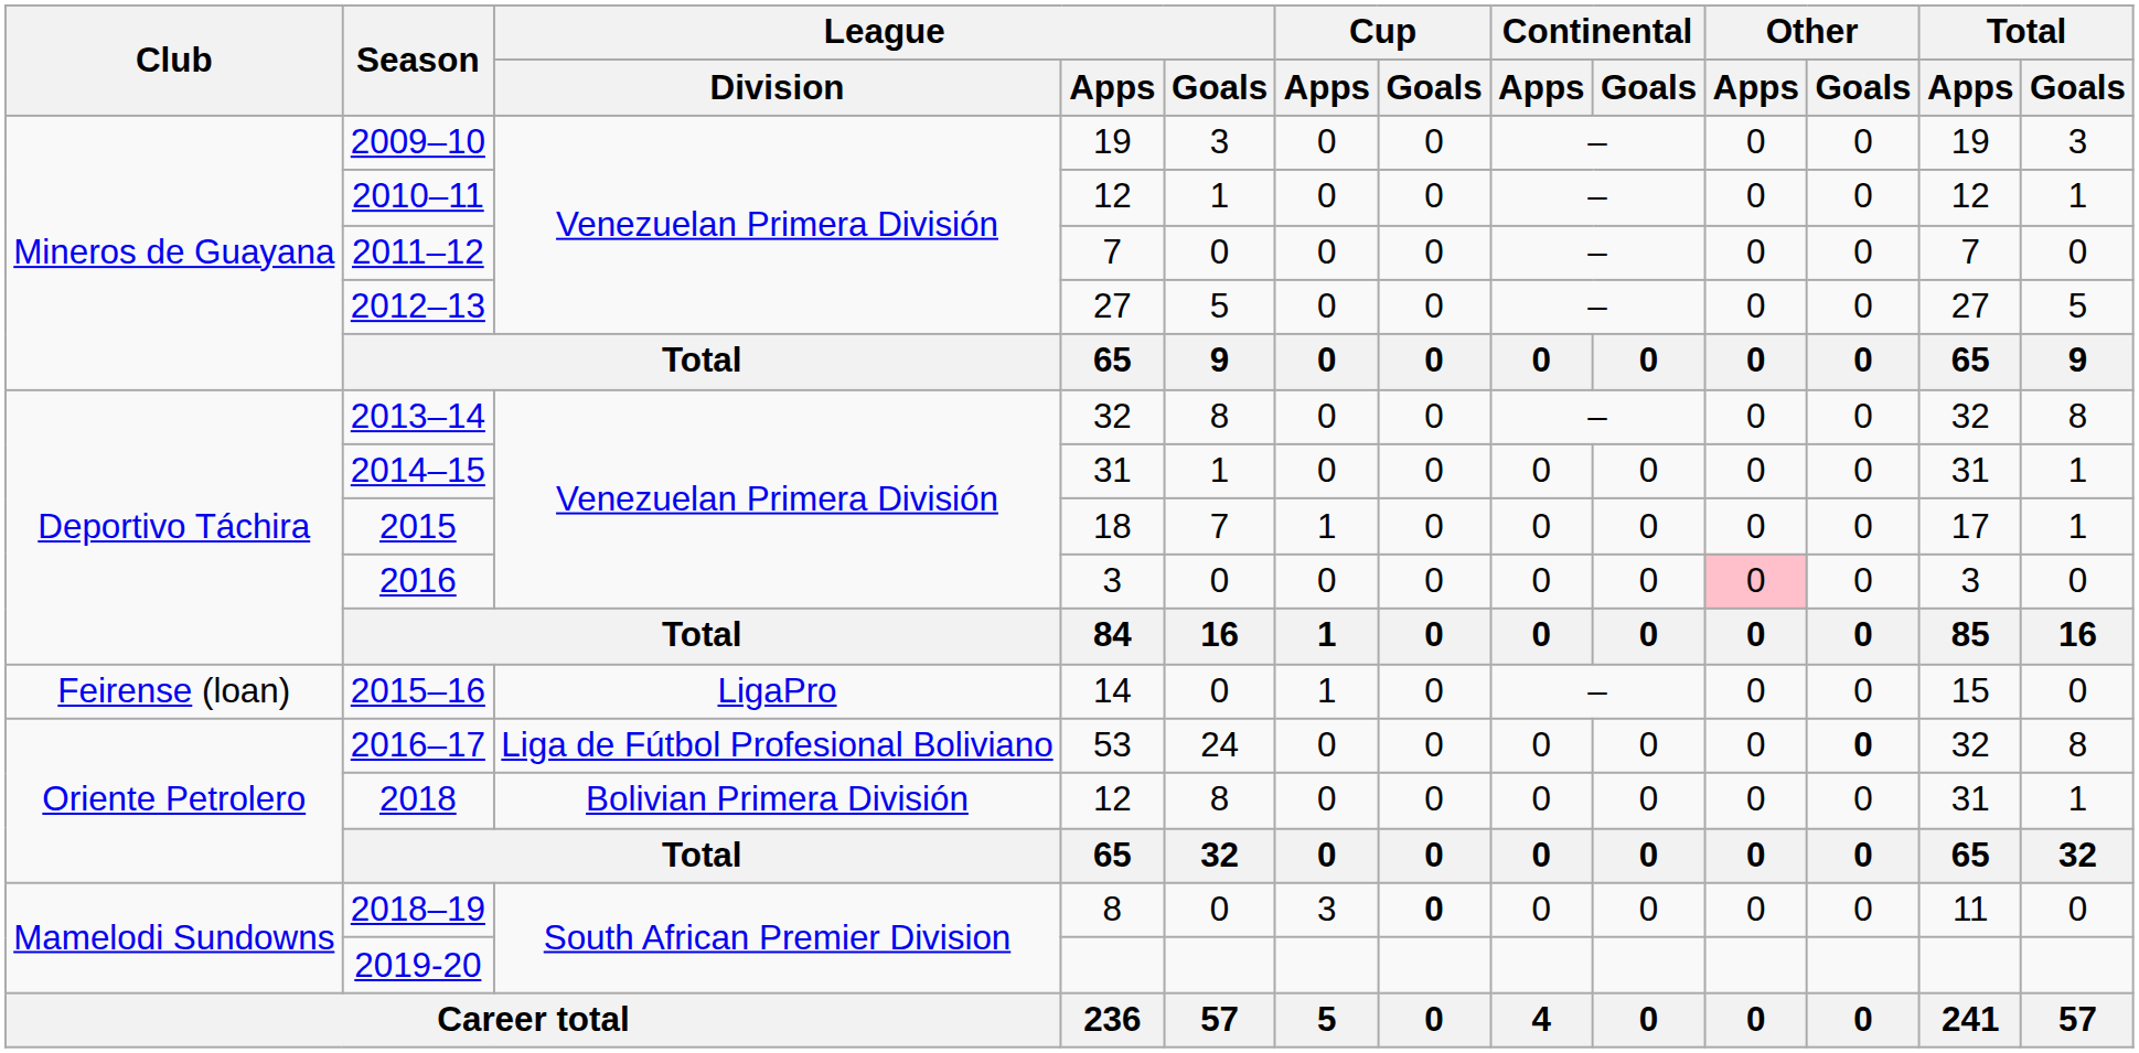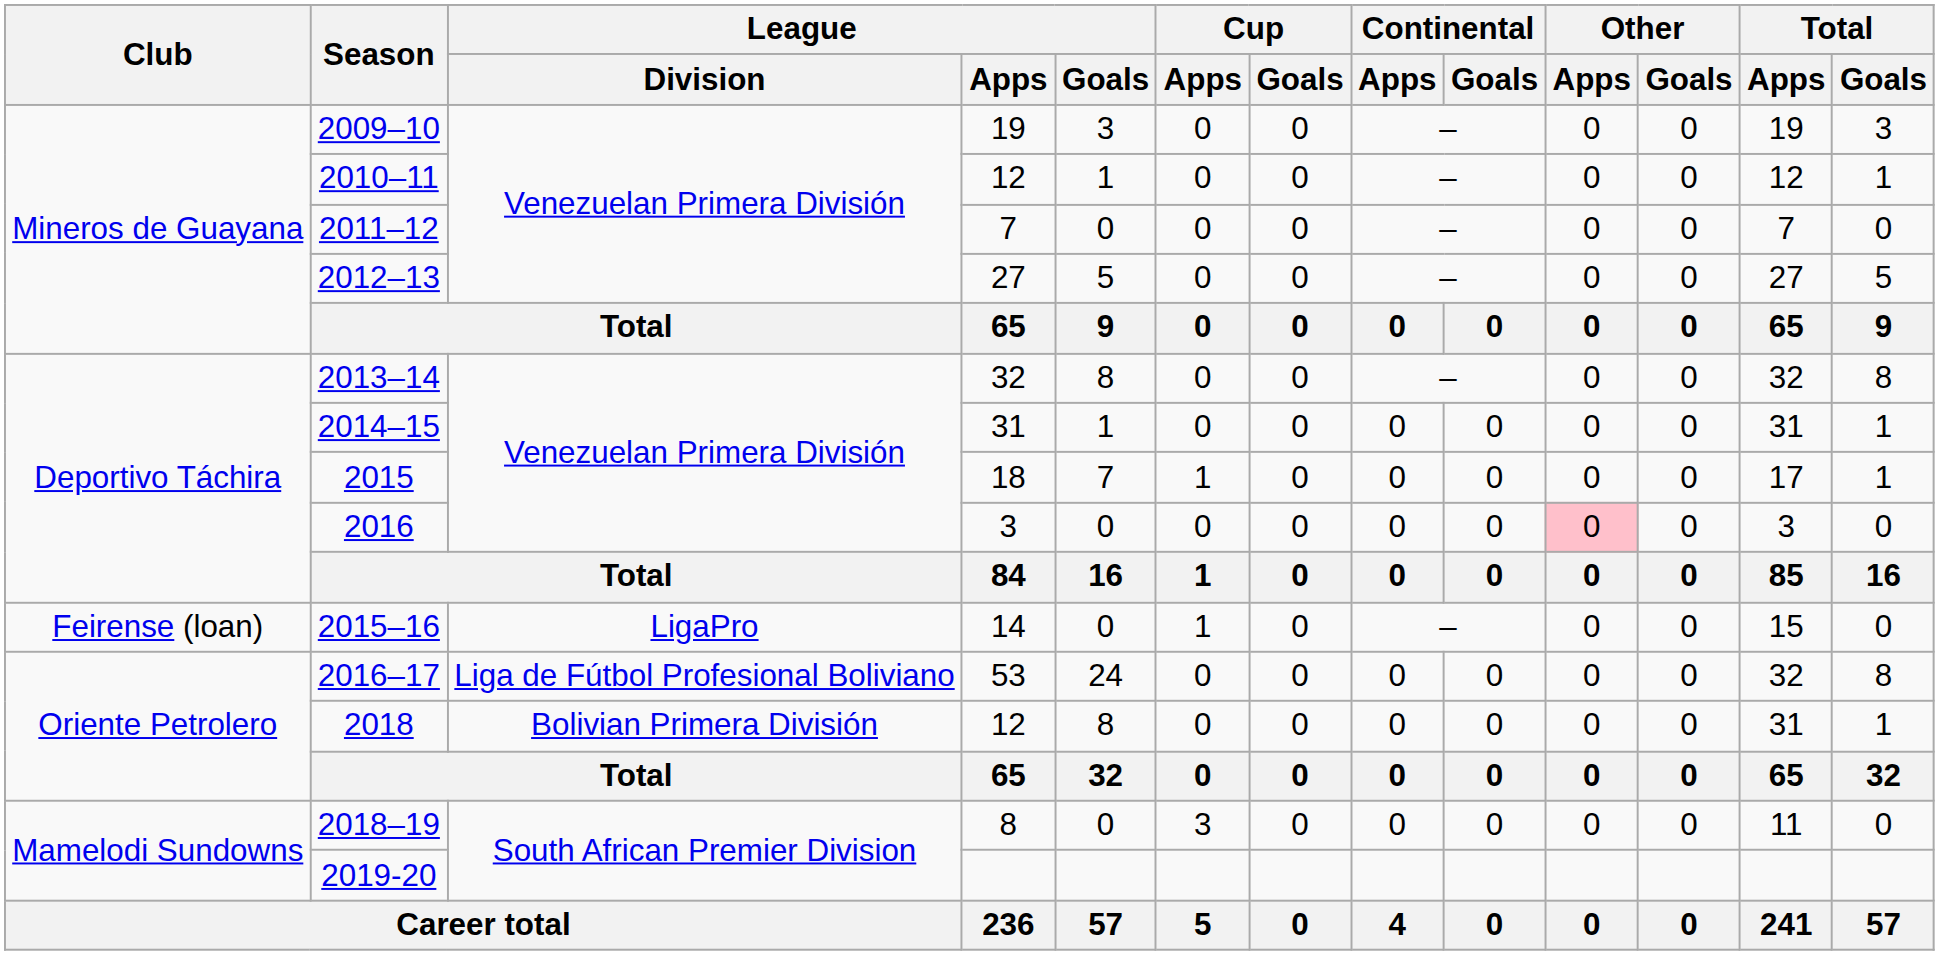 <table class="wikitable" style="text-align: center">
 <tr>
 <th rowspan="2">Club</th>
 <th rowspan="2">Season</th>
 <th colspan="3">League</th>
 <th colspan="2">Cup</th>
 <th colspan="2">Continental</th>
 <th colspan="2">Other</th>
 <th colspan="2">Total</th>
 </tr>
 <tr>
 <th>Division</th>
 <th>Apps</th>
 <th>Goals</th>
 <th>Apps</th>
 <th>Goals</th>
 <th>Apps</th>
 <th>Goals</th>
 <th>Apps</th>
 <th>Goals</th>
 <th>Apps</th>
 <th>Goals</th>
 </tr>
 <tr>
 <td rowspan="5"><a href='#'>Mineros de Guayana</a></td>
 <td><a href='#'>2009–10</a></td>
 <td rowspan="4"><a href='#'>Venezuelan Primera División</a></td>
 <td>19</td>
 <td>3</td>
 <td>0</td>
 <td>0</td>
 <td colspan="2">–</td>
 <td>0</td>
 <td>0</td>
 <td>19</td>
 <td>3</td>
 </tr>
 <tr>
 <td><a href='#'>2010–11</a></td>
 <td>12</td>
 <td>1</td>
 <td>0</td>
 <td>0</td>
 <td colspan="2">–</td>
 <td>0</td>
 <td>0</td>
 <td>12</td>
 <td>1</td>
 </tr>
 <tr>
 <td><a href='#'>2011–12</a></td>
 <td>7</td>
 <td>0</td>
 <td>0</td>
 <td>0</td>
 <td colspan="2">–</td>
 <td>0</td>
 <td>0</td>
 <td>7</td>
 <td>0</td>
 </tr>
 <tr>
 <td><a href='#'>2012–13</a></td>
 <td>27</td>
 <td>5</td>
 <td>0</td>
 <td>0</td>
 <td colspan="2">–</td>
 <td>0</td>
 <td>0</td>
 <td>27</td>
 <td>5</td>
 </tr>
 <tr>
 <th colspan="2"><strong>Total</strong></th>
 <th>65</th>
 <th>9</th>
 <th>0</th>
 <th>0</th>
 <th>0</th>
 <th>0</th>
 <th>0</th>
 <th>0</th>
 <th>65</th>
 <th>9</th>
 </tr>
 <tr>
 <td rowspan="5"><a href='#'>Deportivo Táchira</a></td>
 <td><a href='#'>2013–14</a></td>
 <td rowspan="4"><a href='#'>Venezuelan Primera División</a></td>
 <td>32</td>
 <td>8</td>
 <td>0</td>
 <td>0</td>
 <td colspan="2">–</td>
 <td>0</td>
 <td>0</td>
 <td>32</td>
 <td>8</td>
 </tr>
 <tr>
 <td><a href='#'>2014–15</a></td>
 <td>31</td>
 <td>1</td>
 <td>0</td>
 <td>0</td>
 <td>0</td>
 <td>0</td>
 <td>0</td>
 <td>0</td>
 <td>31</td>
 <td>1</td>
 </tr>
 <tr>
 <td><a href='#'>2015</a></td>
 <td>18</td>
 <td>7</td>
 <td>1</td>
 <td>0</td>
 <td>0</td>
 <td>0</td>
 <td>0</td>
 <td>0</td>
 <td>17</td>
 <td>1</td>
 </tr>
 <tr>
 <td><a href='#'>2016</a></td>
 <td>3</td>
 <td>0</td>
 <td>0</td>
 <td>0</td>
 <td>0</td>
 <td>0</td>
 <td style="background: pink;">0</td>
 <td>0</td>
 <td>3</td>
 <td>0</td>
 </tr>
 <tr>
 <th colspan="2"><strong>Total</strong></th>
 <th>84</th>
 <th>16</th>
 <th>1</th>
 <th>0</th>
 <th>0</th>
 <th>0</th>
 <th>0</th>
 <th>0</th>
 <th>85</th>
 <th>16</th>
 </tr>
 <tr>
 <td><a href='#'>Feirense</a> (loan)</td>
 <td><a href='#'>2015–16</a></td>
 <td><a href='#'>LigaPro</a></td>
 <td>14</td>
 <td>0</td>
 <td>1</td>
 <td>0</td>
 <td colspan="2">–</td>
 <td>0</td>
 <td>0</td>
 <td>15</td>
 <td>0</td>
 </tr>
 <tr>
 <td rowspan="3"><a href='#'>Oriente Petrolero</a></td>
 <td><a href='#'>2016–17</a></td>
 <td><a href='#'>Liga de Fútbol Profesional Boliviano</a></td>
 <td>53</td>
 <td>24</td>
 <td>0</td>
 <td>0</td>
 <td>0</td>
 <td>0</td>
 <td>0</td>
-<td><strong>0</strong></td>
+<td>0</td>
 <td>32</td>
 <td>8</td>
 </tr>
 <tr>
 <td><a href='#'>2018</a></td>
 <td><a href='#'>Bolivian Primera División</a></td>
 <td>12</td>
 <td>8</td>
 <td>0</td>
 <td>0</td>
 <td>0</td>
 <td>0</td>
 <td>0</td>
 <td>0</td>
 <td>31</td>
 <td>1</td>
 </tr>
 <tr>
 <th colspan="2"><strong>Total</strong></th>
 <th>65</th>
 <th>32</th>
 <th>0</th>
 <th>0</th>
 <th>0</th>
 <th>0</th>
 <th>0</th>
 <th>0</th>
 <th>65</th>
 <th>32</th>
 </tr>
 <tr>
 <td rowspan=2><a href='#'>Mamelodi Sundowns</a></td>
 <td><a href='#'>2018–19</a></td>
 <td rowspan=2><a href='#'>South African Premier Division</a></td>
 <td>8</td>
 <td>0</td>
 <td>3</td>
-<td><strong>0</strong></td>
+<td>0</td>
 <td>0</td>
 <td>0</td>
 <td>0</td>
 <td>0</td>
 <td>11</td>
 <td>0</td>
 </tr>
 <tr>
 <td><a href='#'>2019-20</a></td>
 <td></td>
 <td></td>
 <td></td>
 <td></td>
 <td></td>
 <td></td>
 <td></td>
 <td></td>
 <td></td>
 <td></td>
 </tr>
 <tr>
 <th colspan="3"><strong>Career total</strong></th>
 <th>236</th>
 <th>57</th>
 <th>5</th>
 <th>0</th>
 <th>4</th>
 <th>0</th>
 <th>0</th>
 <th>0</th>
 <th>241</th>
 <th>57</th>
 </tr>
 </table>
